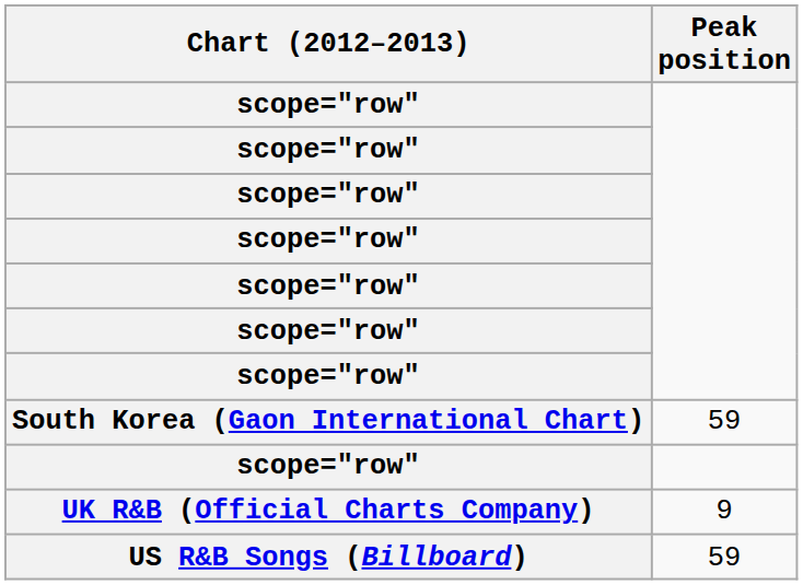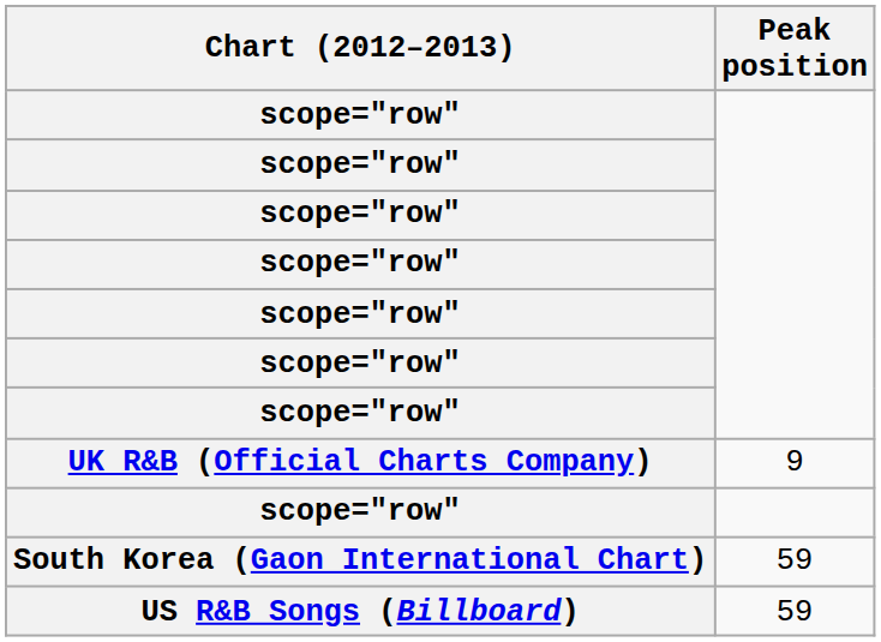 <table class="wikitable sortable plainrowheaders">
 <tr>
 <th>Chart (2012–2013)</th>
 <th>Peak<br>position</th>
 </tr>
 <tr>
 <th>scope="row" </th>
 </tr>
 <tr>
 <th>scope="row" </th>
 </tr>
 <tr>
 <th>scope="row" </th>
 </tr>
 <tr>
 <th>scope="row" </th>
 </tr>
 <tr>
 <th>scope="row" </th>
 </tr>
 <tr>
 <th>scope="row" </th>
 </tr>
 <tr>
 <th>scope="row" </th>
 </tr>
 <tr>
-<th scope="row">South Korea (<a href='#'>Gaon International Chart</a>)</th>
-<td style="text-align:center;">59</td>
+<th scope="row"><a href='#'>UK R&B</a> (<a href='#'>Official Charts Company</a>)</th>
+<td style="text-align:center;">9</td>
 </tr>
 <tr>
 <th>scope="row" </th>
 </tr>
 <tr>
-<th scope="row"><a href='#'>UK R&B</a> (<a href='#'>Official Charts Company</a>)</th>
-<td style="text-align:center;">9</td>
+<th scope="row">South Korea (<a href='#'>Gaon International Chart</a>)</th>
+<td style="text-align:center;">59</td>
 </tr>
 <tr>
 <th scope="row">US <a href='#'>R&B Songs</a> (<em><a href='#'>Billboard</a></em>)</th>
 <td style="text-align:center;">59</td>
 </tr>
 </table>
